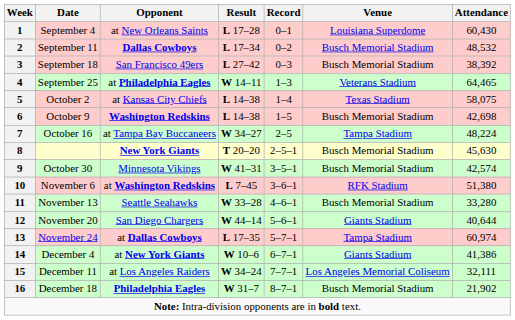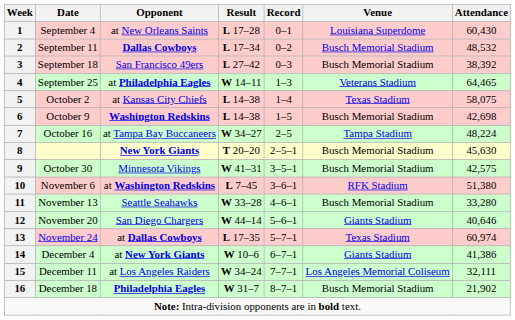 <table class="wikitable" style="text-align:center">
 <tr>
 <th>Week</th>
 <th>Date</th>
 <th>Opponent</th>
 <th>Result</th>
 <th>Record</th>
 <th>Venue</th>
 <th>Attendance</th>
 </tr>
 <tr style="background:#fcc">
 <th>1</th>
 <td>September 4</td>
 <td>at <a href='#'>New Orleans Saints</a></td>
 <td><strong>L</strong> 17–28</td>
 <td>0–1</td>
 <td><a href='#'>Louisiana Superdome</a></td>
 <td>60,430</td>
 </tr>
 <tr style="background:#fcc">
 <th>2</th>
 <td>September 11</td>
 <td><strong><a href='#'>Dallas Cowboys</a></strong></td>
 <td><strong>L</strong> 17–34</td>
 <td>0–2</td>
 <td><a href='#'>Busch Memorial Stadium</a></td>
 <td>48,532</td>
 </tr>
 <tr style="background:#fcc">
 <th>3</th>
 <td>September 18</td>
 <td><a href='#'>San Francisco 49ers</a></td>
 <td><strong>L</strong> 27–42</td>
 <td>0–3</td>
 <td>Busch Memorial Stadium</td>
 <td>38,392</td>
 </tr>
 <tr style="background:#cfc">
 <th>4</th>
 <td>September 25</td>
 <td>at <strong><a href='#'>Philadelphia Eagles</a></strong></td>
 <td><strong>W</strong> 14–11</td>
 <td>1–3</td>
 <td><a href='#'>Veterans Stadium</a></td>
 <td>64,465</td>
 </tr>
 <tr style="background:#fcc">
 <th>5</th>
 <td>October 2</td>
 <td>at <a href='#'>Kansas City Chiefs</a></td>
 <td><strong>L</strong> 14–38</td>
 <td>1–4</td>
 <td><a href='#'>Texas Stadium</a></td>
 <td>58,075</td>
 </tr>
 <tr style="background:#fcc">
 <th>6</th>
 <td>October 9</td>
 <td><strong><a href='#'>Washington Redskins</a></strong></td>
 <td><strong>L</strong> 14–38</td>
 <td>1–5</td>
 <td>Busch Memorial Stadium</td>
 <td>42,698</td>
 </tr>
 <tr style="background:#cfc">
 <th>7</th>
 <td>October 16</td>
 <td>at <a href='#'>Tampa Bay Buccaneers</a></td>
 <td><strong>W</strong> 34–27</td>
 <td>2–5</td>
 <td><a href='#'>Tampa Stadium</a></td>
 <td>48,224</td>
 </tr>
 <tr style="background:#ffc">
 <th>8</th>
 <td></td>
 <td><strong><a href='#'>New York Giants</a></strong></td>
 <td><strong>T</strong> 20–20</td>
 <td>2–5–1</td>
 <td>Busch Memorial Stadium</td>
 <td>45,630</td>
 </tr>
 <tr style="background:#cfc">
 <th>9</th>
 <td>October 30</td>
 <td><a href='#'>Minnesota Vikings</a></td>
 <td><strong>W</strong> 41–31</td>
 <td>3–5–1</td>
 <td>Busch Memorial Stadium</td>
-<td>42,574</td>
+<td>42,575</td>
 </tr>
 <tr style="background:#fcc">
 <th>10</th>
 <td>November 6</td>
 <td>at <strong><a href='#'>Washington Redskins</a></strong></td>
 <td><strong>L</strong> 7–45</td>
 <td>3–6–1</td>
 <td><a href='#'>RFK Stadium</a></td>
 <td>51,380</td>
 </tr>
 <tr style="background:#cfc">
 <th>11</th>
 <td>November 13</td>
 <td><a href='#'>Seattle Seahawks</a></td>
 <td><strong>W</strong> 33–28</td>
 <td>4–6–1</td>
 <td>Busch Memorial Stadium</td>
 <td>33,280</td>
 </tr>
 <tr style="background:#cfc">
 <th>12</th>
 <td>November 20</td>
 <td><a href='#'>San Diego Chargers</a></td>
 <td><strong>W</strong> 44–14</td>
 <td>5–6–1</td>
 <td><a href='#'>Giants Stadium</a></td>
-<td>40,644</td>
+<td>40,646</td>
 </tr>
 <tr style="background:#fcc">
 <th>13</th>
 <td><a href='#'>November 24</a></td>
 <td>at <strong><a href='#'>Dallas Cowboys</a></strong></td>
 <td><strong>L</strong> 17–35</td>
 <td>5–7–1</td>
-<td><a href='#'>Tampa Stadium</a></td>
+<td><a href='#'>Texas Stadium</a></td>
 <td>60,974</td>
 </tr>
 <tr style="background:#cfc">
 <th>14</th>
 <td>December 4</td>
 <td>at <strong><a href='#'>New York Giants</a></strong></td>
 <td><strong>W</strong> 10–6</td>
 <td>6–7–1</td>
 <td><a href='#'>Giants Stadium</a></td>
 <td>41,386</td>
 </tr>
 <tr style="background:#cfc">
 <th>15</th>
 <td>December 11</td>
 <td>at <a href='#'>Los Angeles Raiders</a></td>
 <td><strong>W</strong> 34–24</td>
 <td>7–7–1</td>
 <td><a href='#'>Los Angeles Memorial Coliseum</a></td>
 <td>32,111</td>
 </tr>
 <tr style="background:#cfc">
 <th>16</th>
 <td>December 18</td>
 <td><strong><a href='#'>Philadelphia Eagles</a></strong></td>
 <td><strong>W</strong> 31–7</td>
 <td>8–7–1</td>
 <td>Busch Memorial Stadium</td>
 <td>21,902</td>
 </tr>
 <tr>
 <td colspan="8"><strong>Note:</strong> Intra-division opponents are in <strong>bold</strong> text.</td>
 </tr>
 </table>
